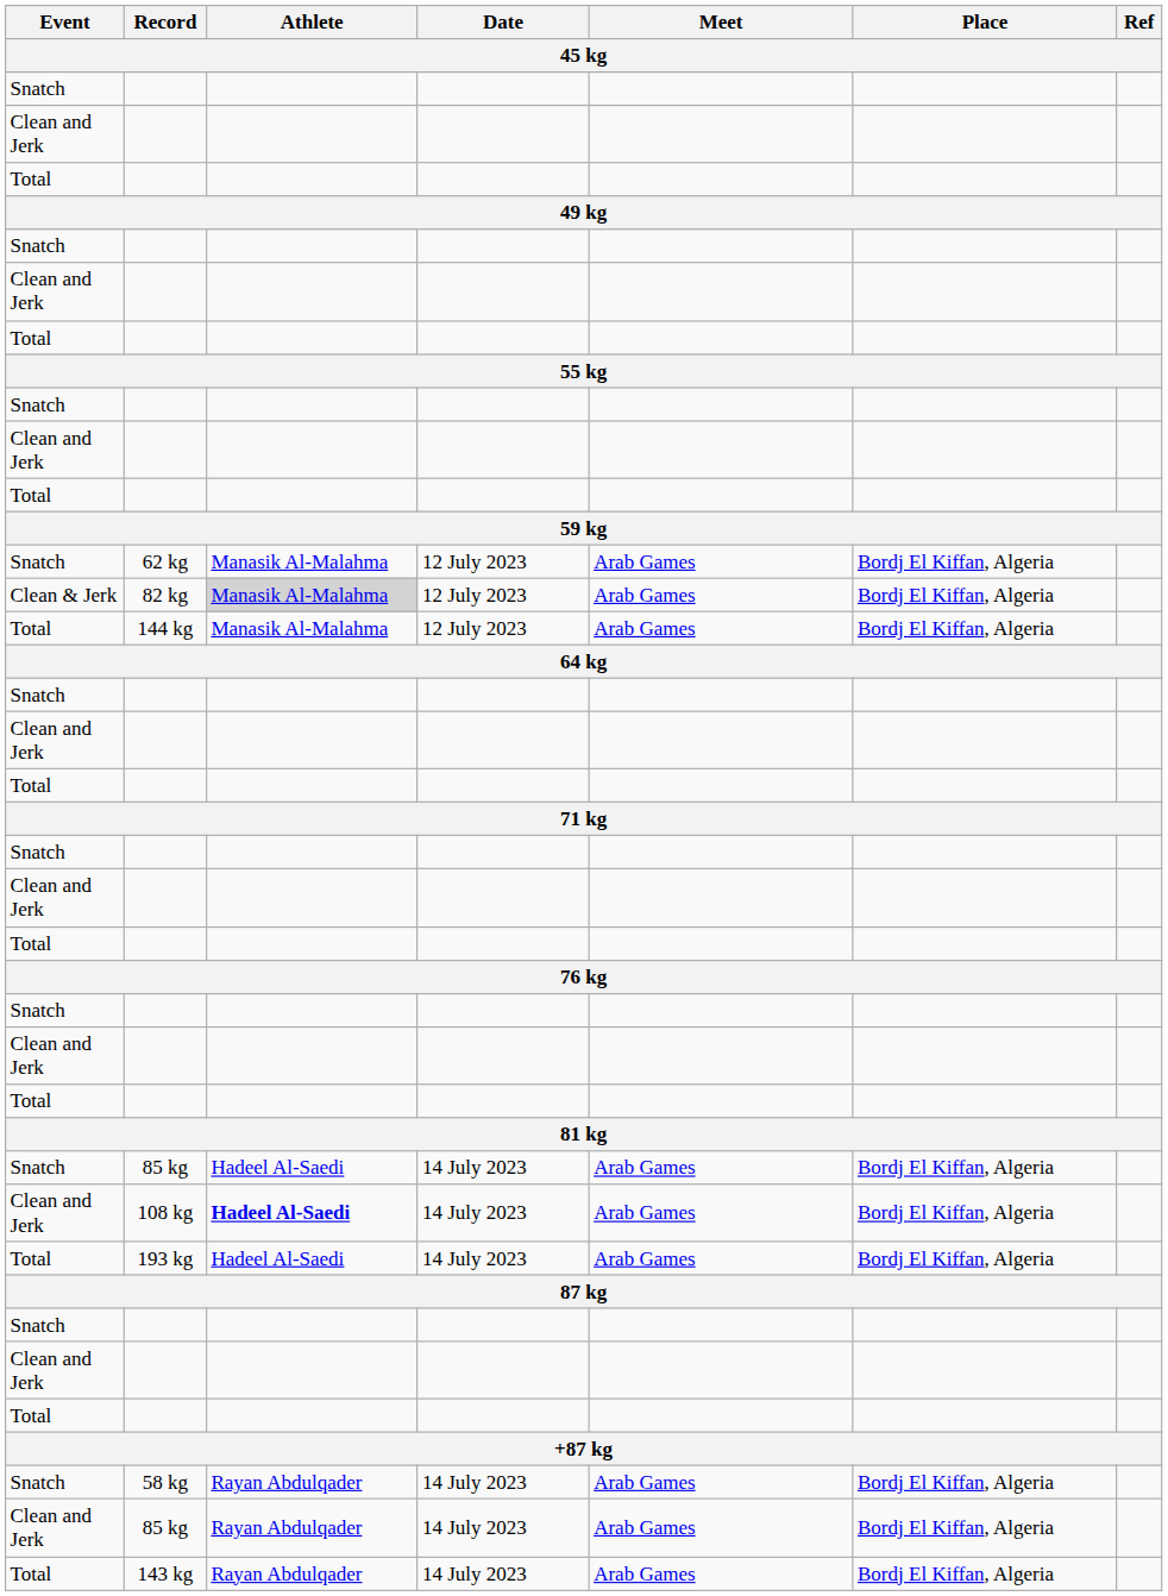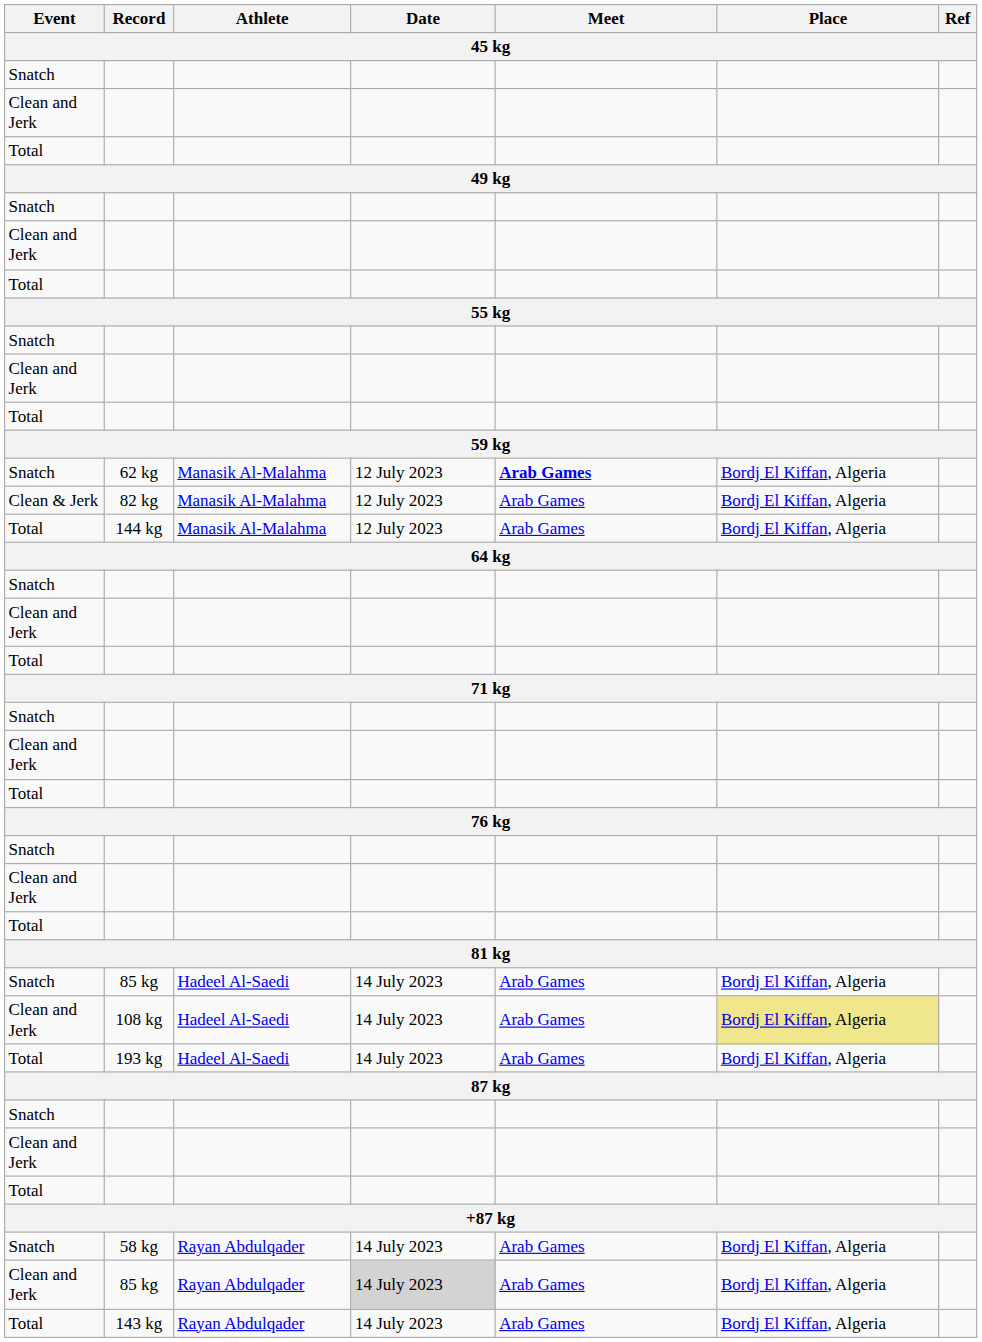 <table class="wikitable" style="font-size:95%;">
 <tr>
 <th width=9%>Event</th>
 <th width=6%>Record</th>
 <th width=16%>Athlete</th>
 <th width=13%>Date</th>
 <th width=20%>Meet</th>
 <th width=20%>Place</th>
 <th width=3%>Ref</th>
 </tr>
 <tr bgcolor="#DDDDDD">
 <th colspan="7">45 kg</th>
 </tr>
 <tr>
 <td>Snatch</td>
 <td align="center"></td>
 <td></td>
 <td></td>
 <td></td>
 <td></td>
 <td></td>
 </tr>
 <tr>
 <td>Clean and Jerk</td>
 <td align="center"></td>
 <td></td>
 <td></td>
 <td></td>
 <td></td>
 <td></td>
 </tr>
 <tr>
 <td>Total</td>
 <td align="center"></td>
 <td></td>
 <td></td>
 <td></td>
 <td></td>
 <td></td>
 </tr>
 <tr bgcolor="#DDDDDD">
 <th colspan="7">49 kg</th>
 </tr>
 <tr>
 <td>Snatch</td>
 <td align="center"></td>
 <td></td>
 <td></td>
 <td></td>
 <td></td>
 <td></td>
 </tr>
 <tr>
 <td>Clean and Jerk</td>
 <td align="center"></td>
 <td></td>
 <td></td>
 <td></td>
 <td></td>
 <td></td>
 </tr>
 <tr>
 <td>Total</td>
 <td align="center"></td>
 <td></td>
 <td></td>
 <td></td>
 <td></td>
 <td></td>
 </tr>
 <tr bgcolor="#DDDDDD">
 <th colspan="7">55 kg</th>
 </tr>
 <tr>
 <td>Snatch</td>
 <td align="center"></td>
 <td></td>
 <td></td>
 <td></td>
 <td></td>
 <td></td>
 </tr>
 <tr>
 <td>Clean and Jerk</td>
 <td align="center"></td>
 <td></td>
 <td></td>
 <td></td>
 <td></td>
 <td></td>
 </tr>
 <tr>
 <td>Total</td>
 <td align="center"></td>
 <td></td>
 <td></td>
 <td></td>
 <td></td>
 <td></td>
 </tr>
 <tr bgcolor="#DDDDDD">
 <th colspan="7">59 kg</th>
 </tr>
 <tr>
 <td>Snatch</td>
 <td align="center">62 kg</td>
 <td><a href='#'>Manasik Al-Malahma</a></td>
 <td>12 July 2023</td>
-<td><a href='#'>Arab Games</a></td>
+<td><strong><a href='#'>Arab Games</a></strong></td>
 <td><a href='#'>Bordj El Kiffan</a>, Algeria</td>
 <td></td>
 </tr>
 <tr>
 <td>Clean & Jerk</td>
 <td align="center">82 kg</td>
-<td style="background: lightgrey;"><a href='#'>Manasik Al-Malahma</a></td>
+<td><a href='#'>Manasik Al-Malahma</a></td>
 <td>12 July 2023</td>
 <td><a href='#'>Arab Games</a></td>
 <td><a href='#'>Bordj El Kiffan</a>, Algeria</td>
 <td></td>
 </tr>
 <tr>
 <td>Total</td>
 <td align="center">144 kg</td>
 <td><a href='#'>Manasik Al-Malahma</a></td>
 <td>12 July 2023</td>
 <td><a href='#'>Arab Games</a></td>
 <td><a href='#'>Bordj El Kiffan</a>, Algeria</td>
 <td></td>
 </tr>
 <tr bgcolor="#DDDDDD">
 <th colspan="7">64 kg</th>
 </tr>
 <tr>
 <td>Snatch</td>
 <td align="center"></td>
 <td></td>
 <td></td>
 <td></td>
 <td></td>
 <td></td>
 </tr>
 <tr>
 <td>Clean and Jerk</td>
 <td align="center"></td>
 <td></td>
 <td></td>
 <td></td>
 <td></td>
 <td></td>
 </tr>
 <tr>
 <td>Total</td>
 <td align="center"></td>
 <td></td>
 <td></td>
 <td></td>
 <td></td>
 <td></td>
 </tr>
 <tr bgcolor="#DDDDDD">
 <th colspan="7">71 kg</th>
 </tr>
 <tr>
 <td>Snatch</td>
 <td align="center"></td>
 <td></td>
 <td></td>
 <td></td>
 <td></td>
 <td></td>
 </tr>
 <tr>
 <td>Clean and Jerk</td>
 <td align="center"></td>
 <td></td>
 <td></td>
 <td></td>
 <td></td>
 <td></td>
 </tr>
 <tr>
 <td>Total</td>
 <td align="center"></td>
 <td></td>
 <td></td>
 <td></td>
 <td></td>
 <td></td>
 </tr>
 <tr bgcolor="#DDDDDD">
 <th colspan="7">76 kg</th>
 </tr>
 <tr>
 <td>Snatch</td>
 <td align="center"></td>
 <td></td>
 <td></td>
 <td></td>
 <td></td>
 <td></td>
 </tr>
 <tr>
 <td>Clean and Jerk</td>
 <td align="center"></td>
 <td></td>
 <td></td>
 <td></td>
 <td></td>
 <td></td>
 </tr>
 <tr>
 <td>Total</td>
 <td align="center"></td>
 <td></td>
 <td></td>
 <td></td>
 <td></td>
 <td></td>
 </tr>
 <tr bgcolor="#DDDDDD">
 <th colspan="7">81 kg</th>
 </tr>
 <tr>
 <td>Snatch</td>
 <td align="center">85 kg</td>
 <td><a href='#'>Hadeel Al-Saedi</a></td>
 <td>14 July 2023</td>
 <td><a href='#'>Arab Games</a></td>
 <td><a href='#'>Bordj El Kiffan</a>, Algeria</td>
 <td></td>
 </tr>
 <tr>
 <td>Clean and Jerk</td>
 <td align="center">108 kg</td>
-<td><strong><a href='#'>Hadeel Al-Saedi</a></strong></td>
+<td><a href='#'>Hadeel Al-Saedi</a></td>
 <td>14 July 2023</td>
 <td><a href='#'>Arab Games</a></td>
-<td><a href='#'>Bordj El Kiffan</a>, Algeria</td>
+<td style="background: khaki;"><a href='#'>Bordj El Kiffan</a>, Algeria</td>
 <td></td>
 </tr>
 <tr>
 <td>Total</td>
 <td align="center">193 kg</td>
 <td><a href='#'>Hadeel Al-Saedi</a></td>
 <td>14 July 2023</td>
 <td><a href='#'>Arab Games</a></td>
 <td><a href='#'>Bordj El Kiffan</a>, Algeria</td>
 <td></td>
 </tr>
 <tr bgcolor="#DDDDDD">
 <th colspan="7">87 kg</th>
 </tr>
 <tr>
 <td>Snatch</td>
 <td align="center"></td>
 <td></td>
 <td></td>
 <td></td>
 <td></td>
 <td></td>
 </tr>
 <tr>
 <td>Clean and Jerk</td>
 <td align="center"></td>
 <td></td>
 <td></td>
 <td></td>
 <td></td>
 <td></td>
 </tr>
 <tr>
 <td>Total</td>
 <td align="center"></td>
 <td></td>
 <td></td>
 <td></td>
 <td></td>
 <td></td>
 </tr>
 <tr bgcolor="#DDDDDD">
 <th colspan="7">+87 kg</th>
 </tr>
 <tr>
 <td>Snatch</td>
 <td align="center">58 kg</td>
 <td><a href='#'>Rayan Abdulqader</a></td>
 <td>14 July 2023</td>
 <td><a href='#'>Arab Games</a></td>
 <td><a href='#'>Bordj El Kiffan</a>, Algeria</td>
 <td></td>
 </tr>
 <tr>
 <td>Clean and Jerk</td>
 <td align="center">85 kg</td>
 <td><a href='#'>Rayan Abdulqader</a></td>
-<td>14 July 2023</td>
+<td style="background: lightgrey;">14 July 2023</td>
 <td><a href='#'>Arab Games</a></td>
 <td><a href='#'>Bordj El Kiffan</a>, Algeria</td>
 <td></td>
 </tr>
 <tr>
 <td>Total</td>
 <td align="center">143 kg</td>
 <td><a href='#'>Rayan Abdulqader</a></td>
 <td>14 July 2023</td>
 <td><a href='#'>Arab Games</a></td>
 <td><a href='#'>Bordj El Kiffan</a>, Algeria</td>
 <td></td>
 </tr>
 </table>
